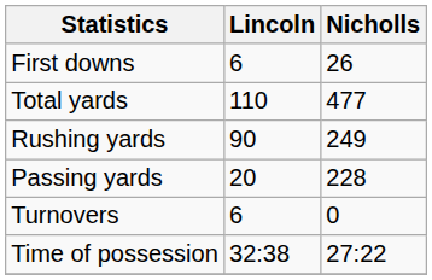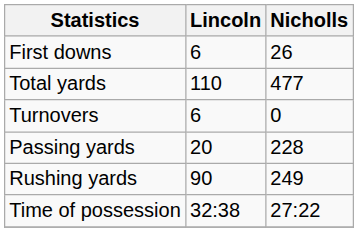 <table class="wikitable">
 <tr>
 <th>Statistics</th>
 <th>Lincoln</th>
 <th>Nicholls</th>
 </tr>
 <tr>
 <td>First downs</td>
 <td>6</td>
 <td>26</td>
 </tr>
 <tr>
 <td>Total yards</td>
 <td>110</td>
 <td>477</td>
 </tr>
 <tr>
-<td>Rushing yards</td>
-<td>90</td>
-<td>249</td>
+<td>Turnovers</td>
+<td>6</td>
+<td>0</td>
 </tr>
 <tr>
 <td>Passing yards</td>
 <td>20</td>
 <td>228</td>
 </tr>
 <tr>
-<td>Turnovers</td>
-<td>6</td>
-<td>0</td>
+<td>Rushing yards</td>
+<td>90</td>
+<td>249</td>
 </tr>
 <tr>
 <td>Time of possession</td>
 <td>32:38</td>
 <td>27:22</td>
 </tr>
 <tr>
 </tr>
 </table>
